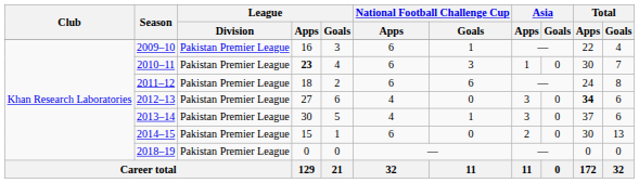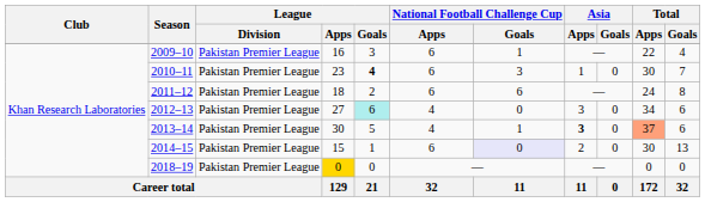 <table class=wikitable style="text-align: center;">
 <tr>
 <th rowspan=2>Club</th>
 <th rowspan=2>Season</th>
 <th colspan=3>League</th>
 <th colspan=2><a href='#'>National Football Challenge Cup</a></th>
 <th colspan=2><a href='#'>Asia</a></th>
 <th colspan=2>Total</th>
 </tr>
 <tr>
 <th>Division</th>
 <th>Apps</th>
 <th>Goals</th>
 <th>Apps</th>
 <th>Goals</th>
 <th>Apps</th>
 <th>Goals</th>
 <th>Apps</th>
 <th>Goals</th>
 </tr>
 <tr>
 </tr>
 <tr>
 <td rowspan="7"><a href='#'>Khan Research Laboratories</a></td>
 <td><a href='#'>2009–10</a></td>
 <td><a href='#'>Pakistan Premier League</a></td>
 <td>16</td>
 <td>3</td>
 <td>6</td>
 <td>1</td>
 <td colspan=2>—</td>
 <td>22</td>
 <td>4</td>
 </tr>
 <tr>
 <td><a href='#'>2010–11</a></td>
 <td>Pakistan Premier League</td>
-<td><strong>23</strong></td>
-<td>4</td>
+<td>23</td>
+<td><strong>4</strong></td>
 <td>6</td>
 <td>3</td>
 <td>1</td>
 <td>0</td>
 <td>30</td>
 <td>7</td>
 </tr>
 <tr>
 <td><a href='#'>2011–12</a></td>
 <td>Pakistan Premier League</td>
 <td>18</td>
 <td>2</td>
 <td>6</td>
 <td>6</td>
 <td colspan=2>—</td>
 <td>24</td>
 <td>8</td>
 </tr>
 <tr>
 <td><a href='#'>2012–13</a></td>
 <td>Pakistan Premier League</td>
 <td>27</td>
-<td>6</td>
+<td style="background: paleturquoise;">6</td>
 <td>4</td>
 <td>0</td>
 <td>3</td>
 <td>0</td>
-<td><strong>34</strong></td>
+<td>34</td>
 <td>6</td>
 </tr>
 <tr>
 <td><a href='#'>2013–14</a></td>
 <td>Pakistan Premier League</td>
 <td>30</td>
 <td>5</td>
 <td>4</td>
 <td>1</td>
-<td>3</td>
+<td><strong>3</strong></td>
 <td>0</td>
-<td>37</td>
+<td style="background: lightsalmon;">37</td>
 <td>6</td>
 </tr>
 <tr>
 <td><a href='#'>2014–15</a></td>
 <td>Pakistan Premier League</td>
 <td>15</td>
 <td>1</td>
 <td>6</td>
-<td>0</td>
+<td style="background: lavender;">0</td>
 <td>2</td>
 <td>0</td>
 <td>30</td>
 <td>13</td>
 </tr>
 <tr>
 <td><a href='#'>2018–19</a></td>
 <td>Pakistan Premier League</td>
-<td>0</td>
+<td style="background: gold;">0</td>
 <td>0</td>
 <td colspan=2>—</td>
 <td colspan=2>—</td>
 <td>0</td>
 <td>0</td>
 </tr>
 <tr>
 <th colspan=3>Career total</th>
 <th>129</th>
 <th>21</th>
 <th>32</th>
 <th>11</th>
 <th>11</th>
 <th>0</th>
 <th>172</th>
 <th>32</th>
 </tr>
 </table>
